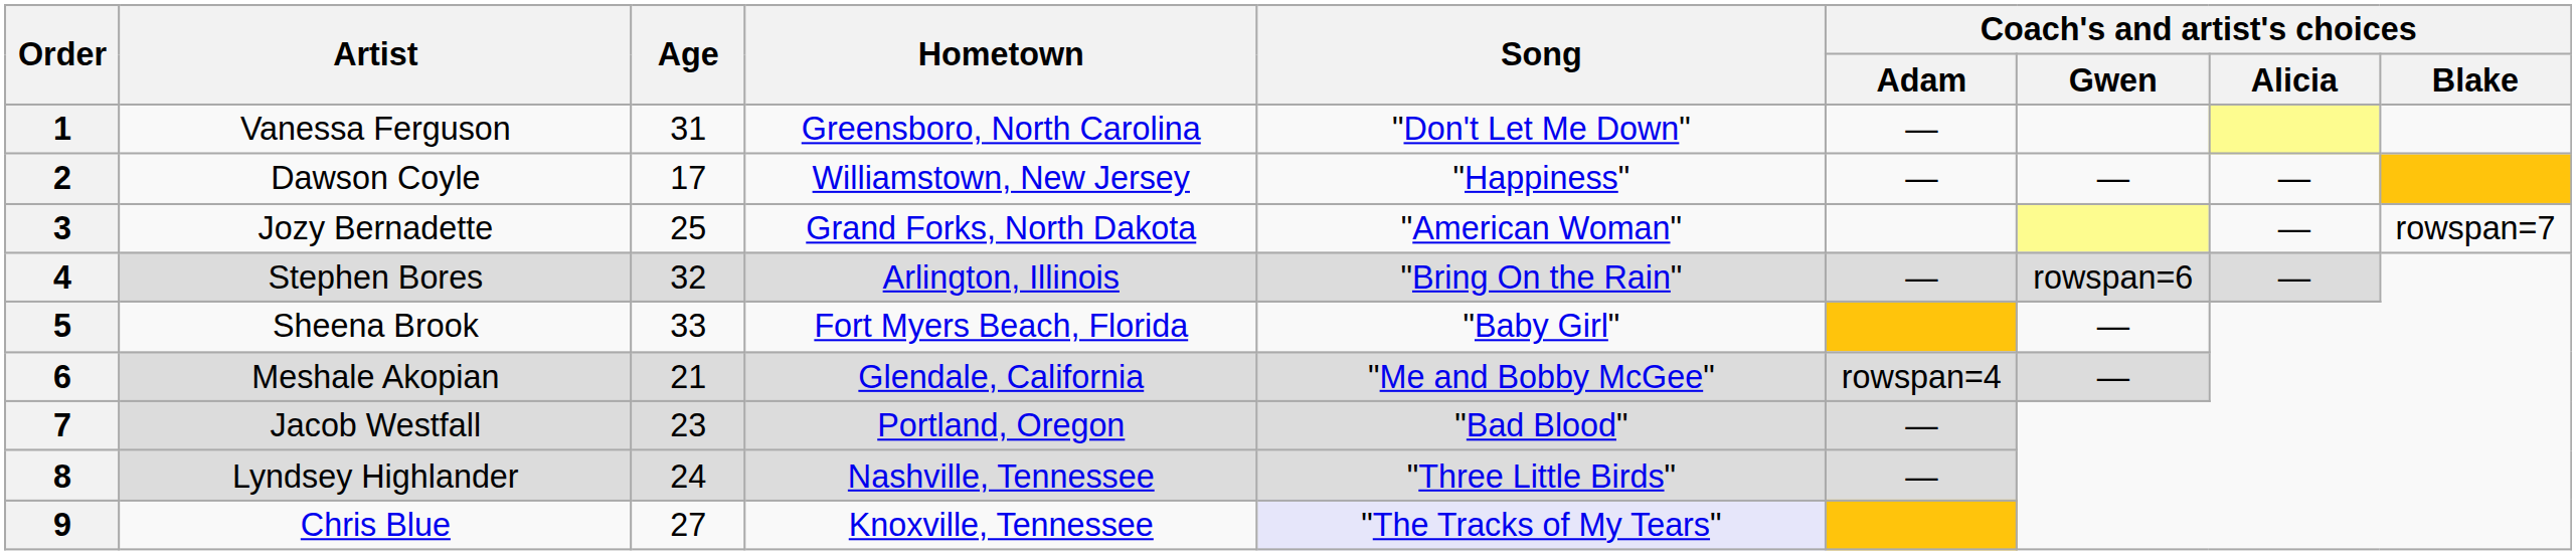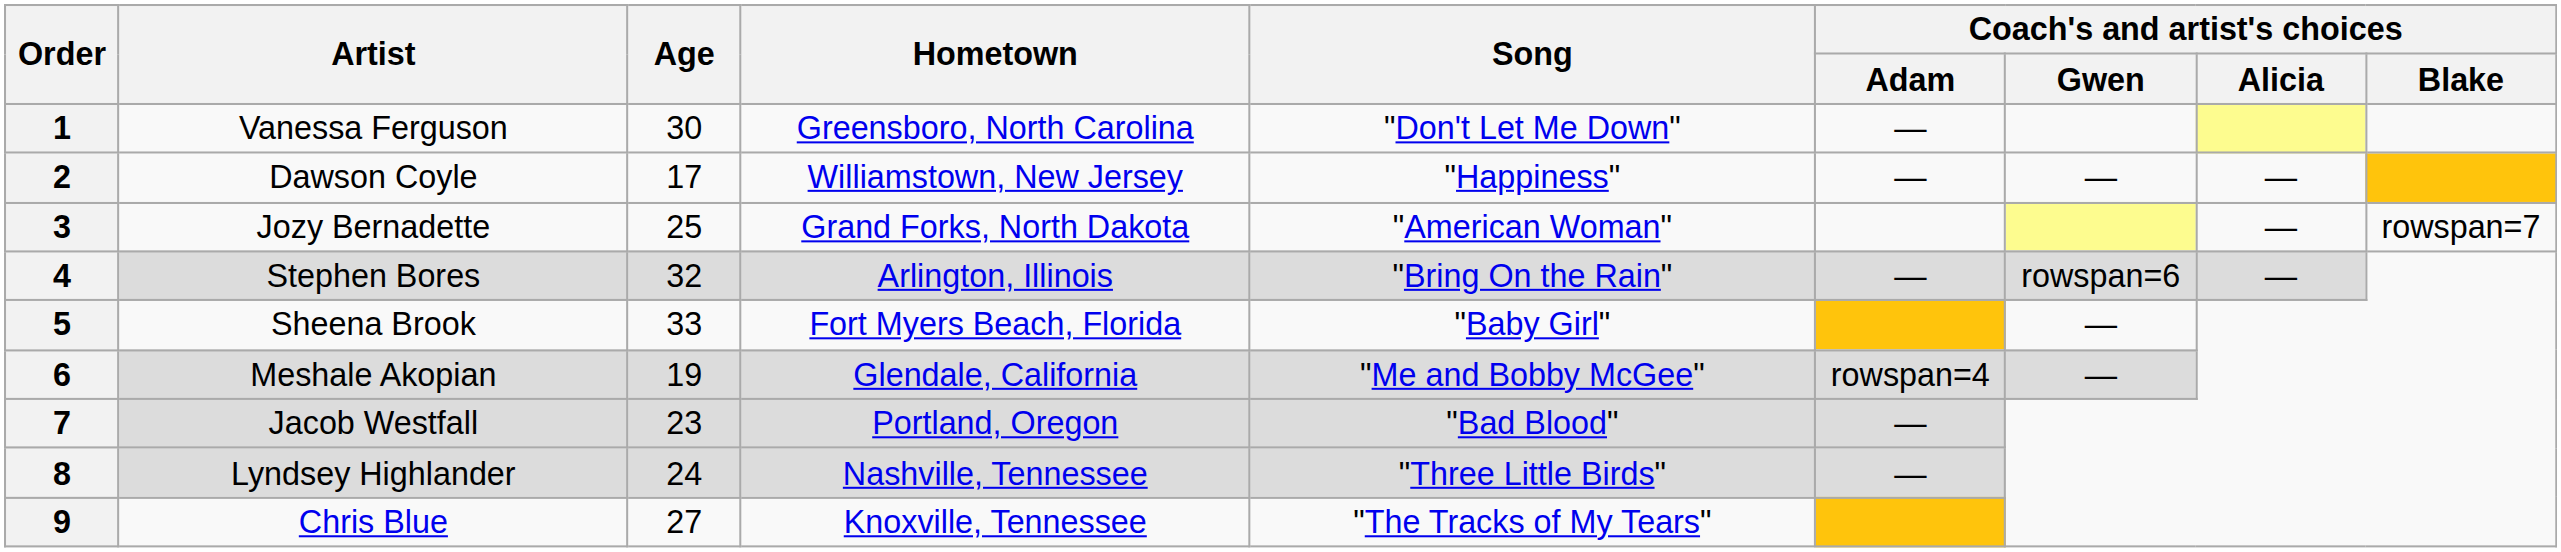 <table class="wikitable" style="text-align:center; line-height:17px; width:100%;">
 <tr>
 <th scope="col" rowspan="2" style="width:04%;">Order</th>
 <th scope="col" rowspan="2" style="width:18%;">Artist</th>
 <th scope="col" rowspan="2" style="width:04%;">Age</th>
 <th scope="col" rowspan="2" style="width:18%;">Hometown</th>
 <th scope="col" rowspan="2" style="width:20%;">Song</th>
 <th scope="col" colspan="4" style="width:24%;">Coach's and artist's choices</th>
 </tr>
 <tr>
 <th style="width:06%;">Adam</th>
 <th style="width:06%;">Gwen</th>
 <th style="width:06%;">Alicia</th>
 <th style="width:06%;">Blake</th>
 </tr>
 <tr>
 <th>1</th>
 <td>Vanessa Ferguson</td>
-<td>31</td>
+<td>30</td>
 <td><a href='#'>Greensboro, North Carolina</a></td>
 <td>"<a href='#'>Don't Let Me Down</a>"</td>
 <td>—</td>
 <td><strong></strong></td>
 <td style="background:#fdfc8f;"><strong></strong></td>
 <td><strong></strong></td>
 </tr>
 <tr>
 <th>2</th>
 <td>Dawson Coyle</td>
 <td>17</td>
 <td><a href='#'>Williamstown, New Jersey</a></td>
 <td>"<a href='#'>Happiness</a>"</td>
 <td>—</td>
 <td>—</td>
 <td>—</td>
 <td style="background:#FFC40C;"><strong></strong></td>
 </tr>
 <tr>
 <th>3</th>
 <td>Jozy Bernadette</td>
 <td>25</td>
 <td><a href='#'>Grand Forks, North Dakota</a></td>
 <td>"<a href='#'>American Woman</a>"</td>
 <td><strong></strong></td>
 <td style="background:#fdfc8f;"><strong></strong></td>
 <td>—</td>
 <td>rowspan=7 </td>
 </tr>
 <tr style="background:#DCDCDC;">
 <th>4</th>
 <td>Stephen Bores</td>
 <td>32</td>
 <td><a href='#'>Arlington, Illinois</a></td>
 <td>"<a href='#'>Bring On the Rain</a>"</td>
 <td>—</td>
 <td>rowspan=6 </td>
 <td>—</td>
 </tr>
 <tr>
 <th>5</th>
 <td>Sheena Brook</td>
 <td>33</td>
 <td><a href='#'>Fort Myers Beach, Florida</a></td>
 <td>"<a href='#'>Baby Girl</a>"</td>
 <td style="background:#FFC40C;"><strong></strong></td>
 <td>—</td>
 </tr>
 <tr style="background:#DCDCDC;">
 <th>6</th>
 <td>Meshale Akopian</td>
-<td>21</td>
+<td>19</td>
 <td><a href='#'>Glendale, California</a></td>
 <td>"<a href='#'>Me and Bobby McGee</a>"</td>
 <td>rowspan=4 </td>
 <td>—</td>
 </tr>
 <tr style="background:#DCDCDC;">
 <th>7</th>
 <td>Jacob Westfall</td>
 <td>23</td>
 <td><a href='#'>Portland, Oregon</a></td>
 <td>"<a href='#'>Bad Blood</a>"</td>
 <td>—</td>
 </tr>
 <tr style="background:#DCDCDC;">
 <th>8</th>
 <td>Lyndsey Highlander</td>
 <td>24</td>
 <td><a href='#'>Nashville, Tennessee</a></td>
 <td>"<a href='#'>Three Little Birds</a>"</td>
 <td>—</td>
 </tr>
 <tr>
 <th>9</th>
 <td><a href='#'>Chris Blue</a></td>
 <td>27</td>
 <td><a href='#'>Knoxville, Tennessee</a></td>
-<td style="background: lavender;">"<a href='#'>The Tracks of My Tears</a>"</td>
+<td>"<a href='#'>The Tracks of My Tears</a>"</td>
 <td style="background:#FFC40C;"><strong></strong></td>
 </tr>
 </table>
